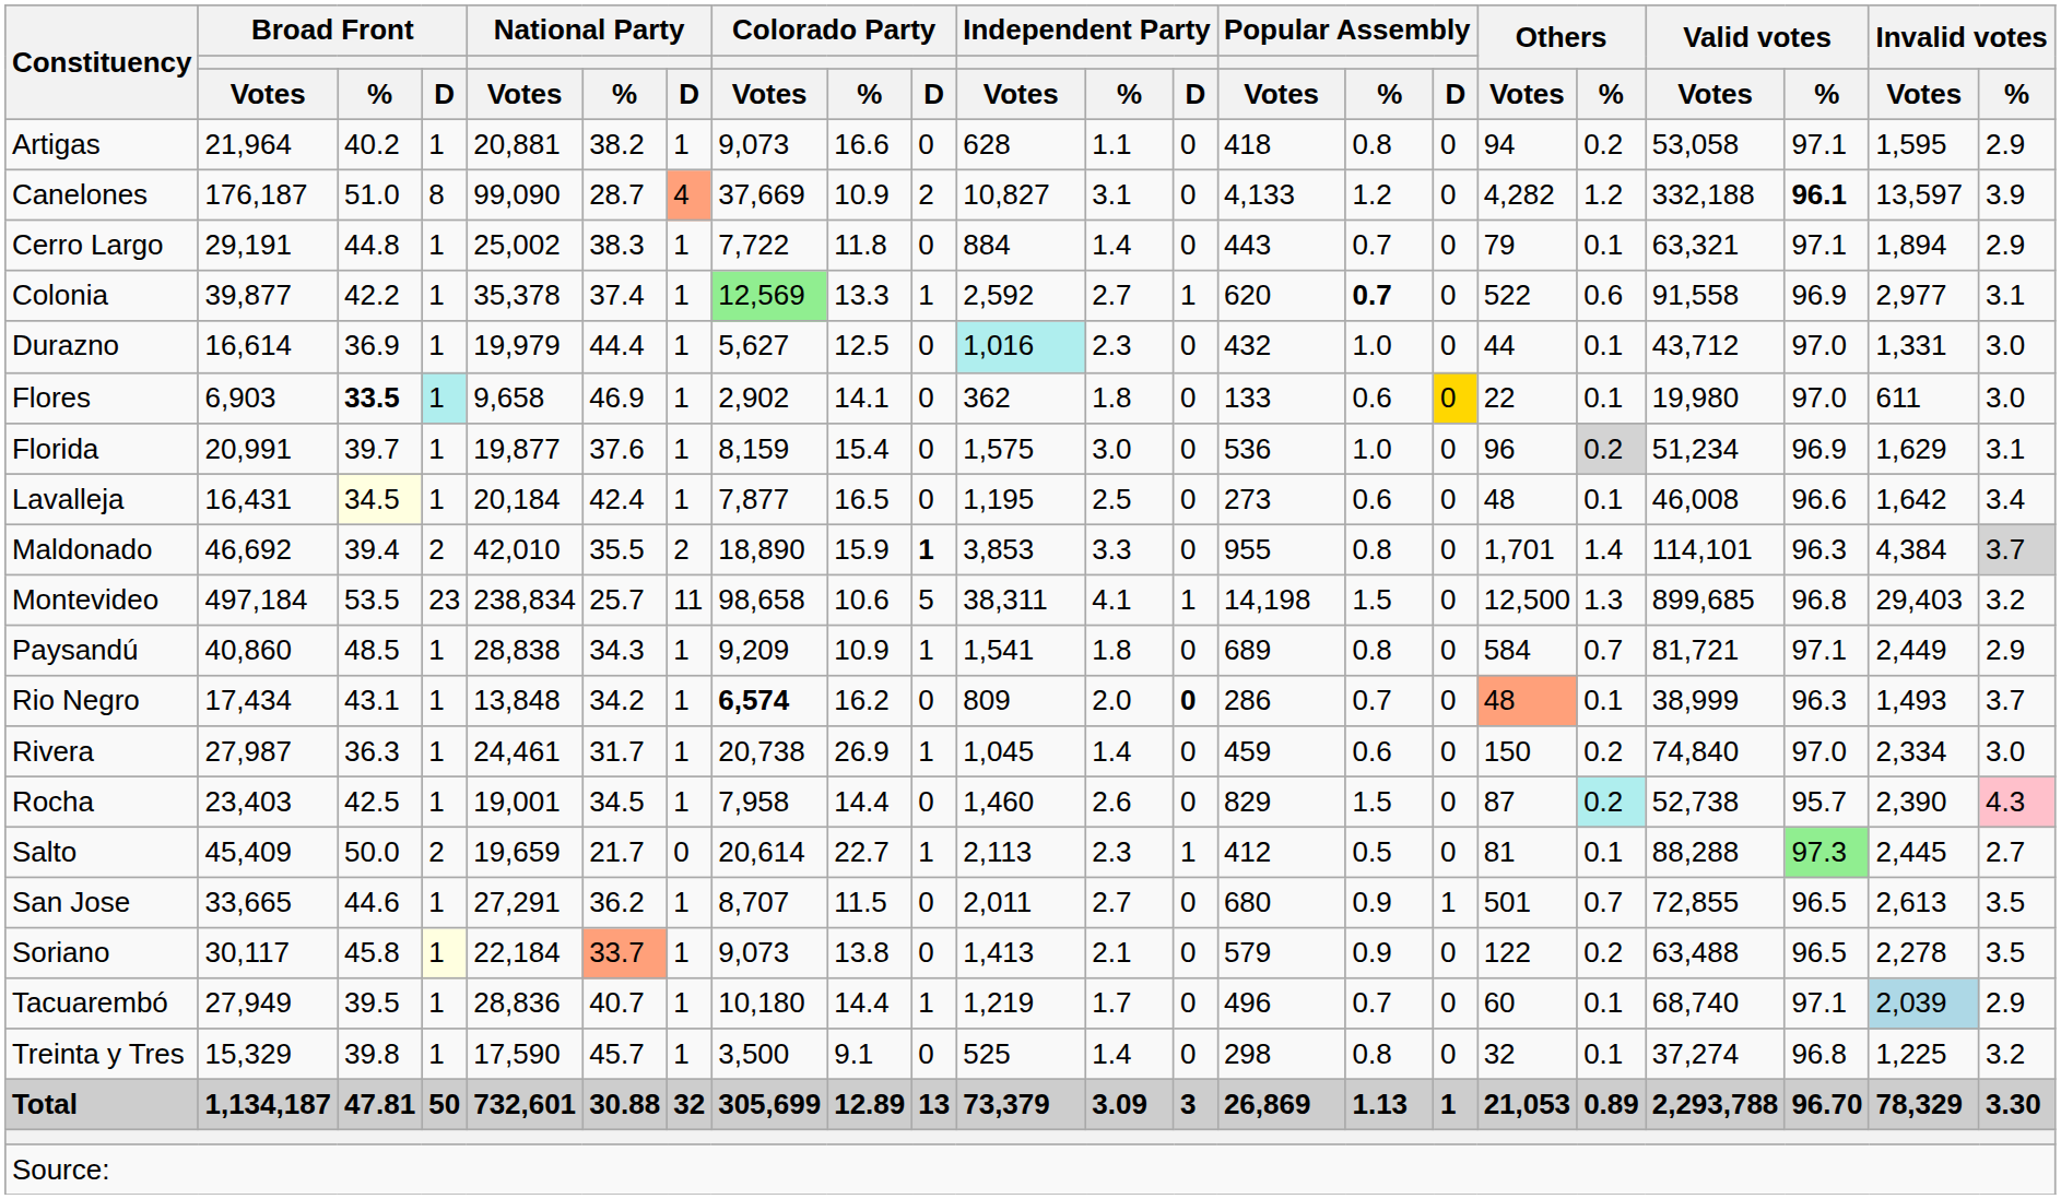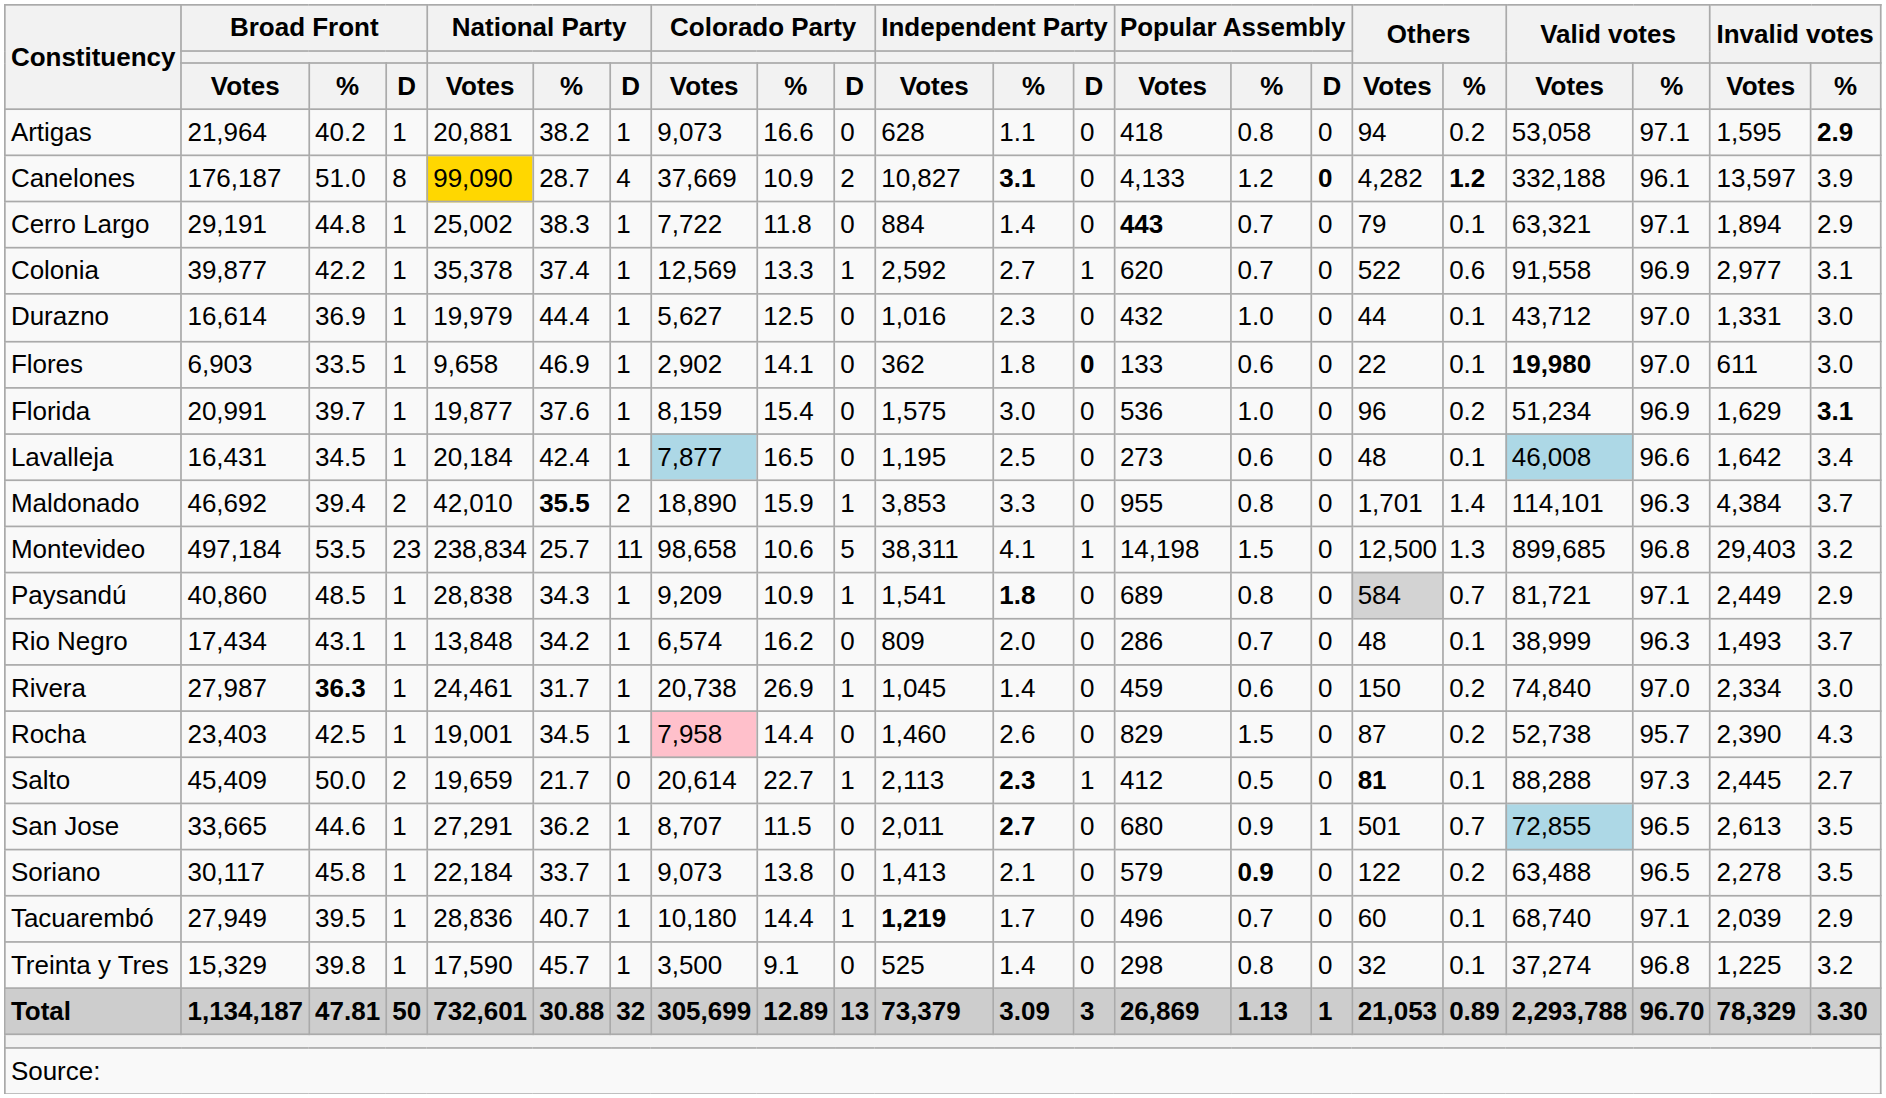 <table class="wikitable sortable collapsible collapsed tpl-blanktable" style="text-align:left; font-size:95%; line-height:20px;">
 <tr>
 <th rowspan="3">Constituency</th>
 <th colspan="3" width="30px" class="unsortable">Broad Front</th>
 <th colspan="3" width="30px" class="unsortable">National Party</th>
 <th colspan="3" width="30px" class="unsortable">Colorado Party</th>
 <th colspan="3">Independent Party</th>
 <th colspan="3">Popular Assembly</th>
 <th colspan="2" rowspan="2">Others</th>
 <th colspan="2" rowspan="2">Valid votes</th>
 <th colspan="2" rowspan="2">Invalid votes</th>
 </tr>
 <tr>
 <th colspan="3" style="background:"></th>
 <th colspan="3" style="background:"></th>
 <th colspan="3" style="background:"></th>
 <th colspan="3" style="background:"></th>
 <th colspan="3" style="background:"></th>
 </tr>
 <tr>
 <th data-sort-type="number">Votes</th>
 <th data-sort-type="number">%</th>
 <th>D</th>
 <th data-sort-type="number">Votes</th>
 <th data-sort-type="number">%</th>
 <th>D</th>
 <th data-sort-type="number">Votes</th>
 <th data-sort-type="number">%</th>
 <th>D</th>
 <th>Votes</th>
 <th>%</th>
 <th>D</th>
 <th>Votes</th>
 <th>%</th>
 <th>D</th>
 <th>Votes</th>
 <th>%</th>
 <th>Votes</th>
 <th>%</th>
 <th>Votes</th>
 <th>%</th>
 </tr>
 <tr>
 <td align="left">Artigas</td>
 <td style="background:">21,964</td>
 <td style="background:">40.2</td>
 <td>1</td>
 <td>20,881</td>
 <td>38.2</td>
 <td>1</td>
 <td>9,073</td>
 <td>16.6</td>
 <td>0</td>
 <td>628</td>
 <td>1.1</td>
 <td>0</td>
 <td>418</td>
 <td>0.8</td>
 <td>0</td>
 <td>94</td>
 <td>0.2</td>
 <td>53,058</td>
 <td>97.1</td>
 <td>1,595</td>
-<td>2.9</td>
+<td><strong>2.9</strong></td>
 </tr>
 <tr>
 <td align="left">Canelones</td>
 <td style="background:">176,187</td>
 <td style="background:">51.0</td>
 <td>8</td>
-<td>99,090</td>
+<td style="background: gold;">99,090</td>
 <td>28.7</td>
-<td style="background: lightsalmon;">4</td>
+<td>4</td>
 <td>37,669</td>
 <td>10.9</td>
 <td>2</td>
 <td>10,827</td>
-<td>3.1</td>
+<td><strong>3.1</strong></td>
 <td>0</td>
 <td>4,133</td>
 <td>1.2</td>
-<td>0</td>
+<td><strong>0</strong></td>
 <td>4,282</td>
-<td>1.2</td>
+<td><strong>1.2</strong></td>
 <td>332,188</td>
-<td><strong>96.1</strong></td>
+<td>96.1</td>
 <td>13,597</td>
 <td>3.9</td>
 </tr>
 <tr>
 <td align="left">Cerro Largo</td>
 <td style="background:">29,191</td>
 <td style="background:">44.8</td>
 <td>1</td>
 <td>25,002</td>
 <td>38.3</td>
 <td>1</td>
 <td>7,722</td>
 <td>11.8</td>
 <td>0</td>
 <td>884</td>
 <td>1.4</td>
 <td>0</td>
-<td>443</td>
+<td><strong>443</strong></td>
 <td>0.7</td>
 <td>0</td>
 <td>79</td>
 <td>0.1</td>
 <td>63,321</td>
 <td>97.1</td>
 <td>1,894</td>
 <td>2.9</td>
 </tr>
 <tr>
 <td align="left">Colonia</td>
 <td style="background:">39,877</td>
 <td style="background:">42.2</td>
 <td>1</td>
 <td>35,378</td>
 <td>37.4</td>
 <td>1</td>
-<td style="background: lightgreen;">12,569</td>
+<td>12,569</td>
 <td>13.3</td>
 <td>1</td>
 <td>2,592</td>
 <td>2.7</td>
 <td>1</td>
 <td>620</td>
-<td><strong>0.7</strong></td>
+<td>0.7</td>
 <td>0</td>
 <td>522</td>
 <td>0.6</td>
 <td>91,558</td>
 <td>96.9</td>
 <td>2,977</td>
 <td>3.1</td>
 </tr>
 <tr>
 <td align="left">Durazno</td>
 <td>16,614</td>
 <td>36.9</td>
 <td>1</td>
 <td style="background:">19,979</td>
 <td style="background:">44.4</td>
 <td>1</td>
 <td>5,627</td>
 <td>12.5</td>
 <td>0</td>
-<td style="background: paleturquoise;">1,016</td>
+<td>1,016</td>
 <td>2.3</td>
 <td>0</td>
 <td>432</td>
 <td>1.0</td>
 <td>0</td>
 <td>44</td>
 <td>0.1</td>
 <td>43,712</td>
 <td>97.0</td>
 <td>1,331</td>
 <td>3.0</td>
 </tr>
 <tr>
 <td align="left">Flores</td>
 <td>6,903</td>
-<td><strong>33.5</strong></td>
-<td style="background: paleturquoise;">1</td>
+<td>33.5</td>
+<td>1</td>
 <td style="background:">9,658</td>
 <td style="background:">46.9</td>
 <td>1</td>
 <td>2,902</td>
 <td>14.1</td>
 <td>0</td>
 <td>362</td>
 <td>1.8</td>
-<td>0</td>
+<td><strong>0</strong></td>
 <td>133</td>
 <td>0.6</td>
-<td style="background: gold;">0</td>
+<td>0</td>
 <td>22</td>
 <td>0.1</td>
-<td>19,980</td>
+<td><strong>19,980</strong></td>
 <td>97.0</td>
 <td>611</td>
 <td>3.0</td>
 </tr>
 <tr>
 <td align="left">Florida</td>
 <td style="background:">20,991</td>
 <td style="background:">39.7</td>
 <td>1</td>
 <td>19,877</td>
 <td>37.6</td>
 <td>1</td>
 <td>8,159</td>
 <td>15.4</td>
 <td>0</td>
 <td>1,575</td>
 <td>3.0</td>
 <td>0</td>
 <td>536</td>
 <td>1.0</td>
 <td>0</td>
 <td>96</td>
-<td style="background: lightgrey;">0.2</td>
+<td>0.2</td>
 <td>51,234</td>
 <td>96.9</td>
 <td>1,629</td>
-<td>3.1</td>
+<td><strong>3.1</strong></td>
 </tr>
 <tr>
 <td align="left">Lavalleja</td>
 <td>16,431</td>
-<td style="background: lightyellow;">34.5</td>
+<td>34.5</td>
 <td>1</td>
 <td style="background:">20,184</td>
 <td style="background:">42.4</td>
 <td>1</td>
-<td>7,877</td>
+<td style="background: lightblue;">7,877</td>
 <td>16.5</td>
 <td>0</td>
 <td>1,195</td>
 <td>2.5</td>
 <td>0</td>
 <td>273</td>
 <td>0.6</td>
 <td>0</td>
 <td>48</td>
 <td>0.1</td>
-<td>46,008</td>
+<td style="background: lightblue;">46,008</td>
 <td>96.6</td>
 <td>1,642</td>
 <td>3.4</td>
 </tr>
 <tr>
 <td align="left">Maldonado</td>
 <td style="background:">46,692</td>
 <td style="background:">39.4</td>
 <td>2</td>
 <td>42,010</td>
-<td>35.5</td>
+<td><strong>35.5</strong></td>
 <td>2</td>
 <td>18,890</td>
 <td>15.9</td>
-<td><strong>1</strong></td>
+<td>1</td>
 <td>3,853</td>
 <td>3.3</td>
 <td>0</td>
 <td>955</td>
 <td>0.8</td>
 <td>0</td>
 <td>1,701</td>
 <td>1.4</td>
 <td>114,101</td>
 <td>96.3</td>
 <td>4,384</td>
-<td style="background: lightgrey;">3.7</td>
+<td>3.7</td>
 </tr>
 <tr>
 <td align="left">Montevideo</td>
 <td style="background:">497,184</td>
 <td style="background:">53.5</td>
 <td>23</td>
 <td>238,834</td>
 <td>25.7</td>
 <td>11</td>
 <td>98,658</td>
 <td>10.6</td>
 <td>5</td>
 <td>38,311</td>
 <td>4.1</td>
 <td>1</td>
 <td>14,198</td>
 <td>1.5</td>
 <td>0</td>
 <td>12,500</td>
 <td>1.3</td>
 <td>899,685</td>
 <td>96.8</td>
 <td>29,403</td>
 <td>3.2</td>
 </tr>
 <tr>
 <td align="left">Paysandú</td>
 <td style="background:">40,860</td>
 <td style="background:">48.5</td>
 <td>1</td>
 <td>28,838</td>
 <td>34.3</td>
 <td>1</td>
 <td>9,209</td>
 <td>10.9</td>
 <td>1</td>
 <td>1,541</td>
-<td>1.8</td>
+<td><strong>1.8</strong></td>
 <td>0</td>
 <td>689</td>
 <td>0.8</td>
 <td>0</td>
-<td>584</td>
+<td style="background: lightgrey;">584</td>
 <td>0.7</td>
 <td>81,721</td>
 <td>97.1</td>
 <td>2,449</td>
 <td>2.9</td>
 </tr>
 <tr>
 <td align="left">Rio Negro</td>
 <td style="background:">17,434</td>
 <td style="background:">43.1</td>
 <td>1</td>
 <td>13,848</td>
 <td>34.2</td>
 <td>1</td>
-<td><strong>6,574</strong></td>
+<td>6,574</td>
 <td>16.2</td>
 <td>0</td>
 <td>809</td>
 <td>2.0</td>
-<td><strong>0</strong></td>
+<td>0</td>
 <td>286</td>
 <td>0.7</td>
 <td>0</td>
-<td style="background: lightsalmon;">48</td>
+<td>48</td>
 <td>0.1</td>
 <td>38,999</td>
 <td>96.3</td>
 <td>1,493</td>
 <td>3.7</td>
 </tr>
 <tr>
 <td align="left">Rivera</td>
 <td style="background:">27,987</td>
-<td style="background:">36.3</td>
+<td style="background:"><strong>36.3</strong></td>
 <td>1</td>
 <td>24,461</td>
 <td>31.7</td>
 <td>1</td>
 <td>20,738</td>
 <td>26.9</td>
 <td>1</td>
 <td>1,045</td>
 <td>1.4</td>
 <td>0</td>
 <td>459</td>
 <td>0.6</td>
 <td>0</td>
 <td>150</td>
 <td>0.2</td>
 <td>74,840</td>
 <td>97.0</td>
 <td>2,334</td>
 <td>3.0</td>
 </tr>
 <tr>
 <td align="left">Rocha</td>
 <td style="background:">23,403</td>
 <td style="background:">42.5</td>
 <td>1</td>
 <td>19,001</td>
 <td>34.5</td>
 <td>1</td>
-<td>7,958</td>
+<td style="background: pink;">7,958</td>
 <td>14.4</td>
 <td>0</td>
 <td>1,460</td>
 <td>2.6</td>
 <td>0</td>
 <td>829</td>
 <td>1.5</td>
 <td>0</td>
 <td>87</td>
-<td style="background: paleturquoise;">0.2</td>
+<td>0.2</td>
 <td>52,738</td>
 <td>95.7</td>
 <td>2,390</td>
-<td style="background: pink;">4.3</td>
+<td>4.3</td>
 </tr>
 <tr>
 <td align="left">Salto</td>
 <td style="background:">45,409</td>
 <td style="background:">50.0</td>
 <td>2</td>
 <td>19,659</td>
 <td>21.7</td>
 <td>0</td>
 <td>20,614</td>
 <td>22.7</td>
 <td>1</td>
 <td>2,113</td>
-<td>2.3</td>
+<td><strong>2.3</strong></td>
 <td>1</td>
 <td>412</td>
 <td>0.5</td>
 <td>0</td>
-<td>81</td>
+<td><strong>81</strong></td>
 <td>0.1</td>
 <td>88,288</td>
-<td style="background: lightgreen;">97.3</td>
+<td>97.3</td>
 <td>2,445</td>
 <td>2.7</td>
 </tr>
 <tr>
 <td align="left">San Jose</td>
 <td style="background:">33,665</td>
 <td style="background:">44.6</td>
 <td>1</td>
 <td>27,291</td>
 <td>36.2</td>
 <td>1</td>
 <td>8,707</td>
 <td>11.5</td>
 <td>0</td>
 <td>2,011</td>
-<td>2.7</td>
+<td><strong>2.7</strong></td>
 <td>0</td>
 <td>680</td>
 <td>0.9</td>
 <td>1</td>
 <td>501</td>
 <td>0.7</td>
-<td>72,855</td>
+<td style="background: lightblue;">72,855</td>
 <td>96.5</td>
 <td>2,613</td>
 <td>3.5</td>
 </tr>
 <tr>
 <td align="left">Soriano</td>
 <td style="background:">30,117</td>
 <td style="background:">45.8</td>
-<td style="background: lightyellow;">1</td>
+<td>1</td>
 <td>22,184</td>
-<td style="background: lightsalmon;">33.7</td>
+<td>33.7</td>
 <td>1</td>
 <td>9,073</td>
 <td>13.8</td>
 <td>0</td>
 <td>1,413</td>
 <td>2.1</td>
 <td>0</td>
 <td>579</td>
-<td>0.9</td>
+<td><strong>0.9</strong></td>
 <td>0</td>
 <td>122</td>
 <td>0.2</td>
 <td>63,488</td>
 <td>96.5</td>
 <td>2,278</td>
 <td>3.5</td>
 </tr>
 <tr>
 <td align="left">Tacuarembó</td>
 <td>27,949</td>
 <td>39.5</td>
 <td>1</td>
 <td style="background:">28,836</td>
 <td style="background:">40.7</td>
 <td>1</td>
 <td>10,180</td>
 <td>14.4</td>
 <td>1</td>
-<td>1,219</td>
+<td><strong>1,219</strong></td>
 <td>1.7</td>
 <td>0</td>
 <td>496</td>
 <td>0.7</td>
 <td>0</td>
 <td>60</td>
 <td>0.1</td>
 <td>68,740</td>
 <td>97.1</td>
-<td style="background: lightblue;">2,039</td>
+<td>2,039</td>
 <td>2.9</td>
 </tr>
 <tr>
 <td align="left">Treinta y Tres</td>
 <td>15,329</td>
 <td>39.8</td>
 <td>1</td>
 <td style="background:">17,590</td>
 <td style="background:">45.7</td>
 <td>1</td>
 <td>3,500</td>
 <td>9.1</td>
 <td>0</td>
 <td>525</td>
 <td>1.4</td>
 <td>0</td>
 <td>298</td>
 <td>0.8</td>
 <td>0</td>
 <td>32</td>
 <td>0.1</td>
 <td>37,274</td>
 <td>96.8</td>
 <td>1,225</td>
 <td>3.2</td>
 </tr>
 <tr style="background:#CDCDCD;">
 <td align="left"><strong>Total</strong></td>
 <td style="background:"><strong>1,134,187</strong></td>
 <td style="background:"><strong>47.81</strong></td>
 <td><strong>50</strong></td>
 <td><strong>732,601</strong></td>
 <td><strong>30.88</strong></td>
 <td><strong>32</strong></td>
 <td><strong>305,699</strong></td>
 <td><strong>12.89</strong></td>
 <td><strong>13</strong></td>
 <td><strong>73,379</strong></td>
 <td><strong>3.09</strong></td>
 <td><strong>3</strong></td>
 <td><strong>26,869</strong></td>
 <td><strong>1.13</strong></td>
 <td><strong>1</strong></td>
 <td><strong>21,053</strong></td>
 <td><strong>0.89</strong></td>
 <td><strong>2,293,788</strong></td>
 <td><strong>96.70</strong></td>
 <td><strong>78,329</strong></td>
 <td><strong>3.30</strong></td>
 </tr>
 <tr>
 <th colspan="22"></th>
 </tr>
 <tr>
 <th colspan="22" style="text-align:left; font-weight:normal; background:#F9F9F9">Source: </th>
 </tr>
 </table>
